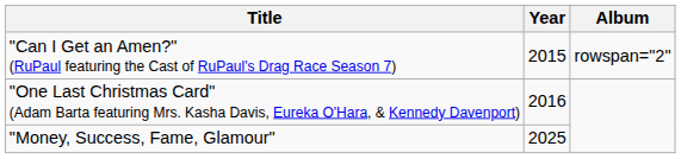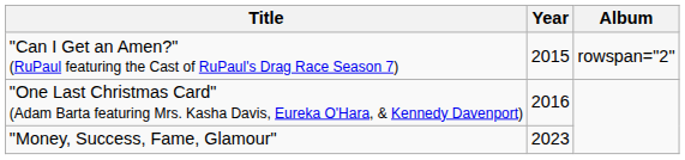 <table class="wikitable">
 <tr>
 <th>Title</th>
 <th>Year</th>
 <th>Album</th>
 </tr>
 <tr>
 <td>"Can I Get an Amen?"<br><small>(<a href='#'>RuPaul</a> featuring the Cast of <a href='#'>RuPaul's Drag Race Season 7</a>)</small></td>
 <td>2015</td>
 <td>rowspan="2" </td>
 </tr>
 <tr>
 <td>"One Last Christmas Card"<br><small>(Adam Barta featuring Mrs. Kasha Davis, <a href='#'>Eureka O'Hara</a>, & <a href='#'>Kennedy Davenport</a>)</small></td>
 <td>2016</td>
 </tr>
 <tr>
 <td>"Money, Success, Fame, Glamour" </td>
-<td>2025</td>
+<td>2023</td>
 </tr>
 </table>
